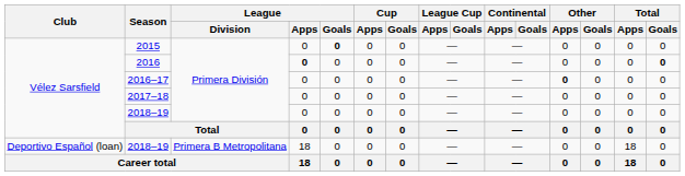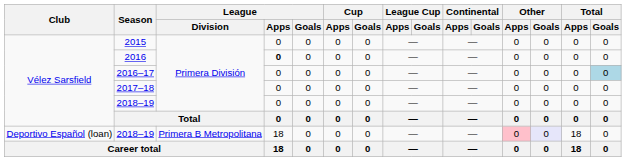 <table class="wikitable" style="text-align:center">
 <tr>
 <th rowspan="2">Club</th>
 <th rowspan="2">Season</th>
 <th colspan="3">League</th>
 <th colspan="2">Cup</th>
 <th colspan="2">League Cup</th>
 <th colspan="2">Continental</th>
 <th colspan="2">Other</th>
 <th colspan="2">Total</th>
 </tr>
 <tr>
 <th>Division</th>
 <th>Apps</th>
 <th>Goals</th>
 <th>Apps</th>
 <th>Goals</th>
 <th>Apps</th>
 <th>Goals</th>
 <th>Apps</th>
 <th>Goals</th>
 <th>Apps</th>
 <th>Goals</th>
 <th>Apps</th>
 <th>Goals</th>
 </tr>
 <tr>
 <td rowspan="6"><a href='#'>Vélez Sarsfield</a></td>
 <td><a href='#'>2015</a></td>
 <td rowspan="5"><a href='#'>Primera División</a></td>
 <td>0</td>
-<td><strong>0</strong></td>
+<td>0</td>
 <td>0</td>
 <td>0</td>
 <td colspan="2">—</td>
 <td colspan="2">—</td>
 <td>0</td>
 <td>0</td>
 <td>0</td>
 <td>0</td>
 </tr>
 <tr>
 <td><a href='#'>2016</a></td>
 <td><strong>0</strong></td>
 <td>0</td>
 <td>0</td>
 <td>0</td>
 <td colspan="2">—</td>
 <td colspan="2">—</td>
 <td>0</td>
 <td>0</td>
 <td>0</td>
-<td><strong>0</strong></td>
+<td>0</td>
 </tr>
 <tr>
 <td><a href='#'>2016–17</a></td>
 <td>0</td>
 <td>0</td>
 <td>0</td>
 <td>0</td>
 <td colspan="2">—</td>
 <td colspan="2">—</td>
-<td><strong>0</strong></td>
 <td>0</td>
 <td>0</td>
 <td>0</td>
+<td style="background: lightblue;">0</td>
 </tr>
 <tr>
 <td><a href='#'>2017–18</a></td>
 <td>0</td>
 <td>0</td>
 <td>0</td>
 <td>0</td>
 <td colspan="2">—</td>
 <td colspan="2">—</td>
 <td>0</td>
 <td>0</td>
 <td>0</td>
 <td>0</td>
 </tr>
 <tr>
 <td><a href='#'>2018–19</a></td>
 <td>0</td>
 <td>0</td>
 <td>0</td>
 <td>0</td>
 <td colspan="2">—</td>
 <td colspan="2">—</td>
 <td>0</td>
 <td>0</td>
 <td>0</td>
 <td>0</td>
 </tr>
 <tr>
 <th colspan="2">Total</th>
 <th>0</th>
 <th>0</th>
 <th>0</th>
 <th>0</th>
 <th colspan="2">—</th>
 <th colspan="2">—</th>
 <th>0</th>
 <th>0</th>
 <th>0</th>
 <th>0</th>
 </tr>
 <tr>
 <td rowspan="1"><a href='#'>Deportivo Español</a> (loan)</td>
 <td><a href='#'>2018–19</a></td>
 <td rowspan="1"><a href='#'>Primera B Metropolitana</a></td>
 <td>18</td>
 <td>0</td>
 <td>0</td>
 <td>0</td>
 <td colspan="2">—</td>
 <td colspan="2">—</td>
-<td>0</td>
-<td>0</td>
+<td style="background: pink;">0</td>
+<td style="background: lavender;">0</td>
 <td>18</td>
 <td>0</td>
 </tr>
 <tr>
 <th colspan="3">Career total</th>
 <th>18</th>
 <th>0</th>
 <th>0</th>
 <th>0</th>
 <th colspan="2">—</th>
 <th colspan="2">—</th>
 <th>0</th>
 <th>0</th>
 <th>18</th>
 <th>0</th>
 </tr>
 </table>
